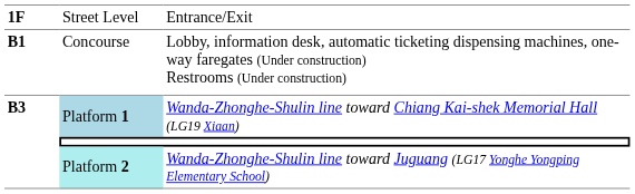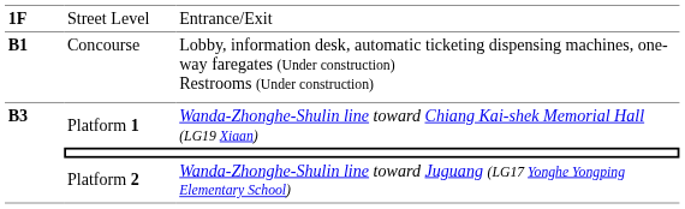 <table table border=0 cellspacing=0 cellpadding=3>
 <tr>
 <td style="border-bottom:solid 1px gray;border-top:solid 1px gray;" width=50 valign=top><strong>1F</strong></td>
 <td style="border-top:solid 1px gray;border-bottom:solid 1px gray;" width=100 valign=top>Street Level</td>
 <td style="border-top:solid 1px gray;border-bottom:solid 1px gray;" width=470 valign=top>Entrance/Exit</td>
 </tr>
 <tr>
 <td style="border-bottom:solid 1px gray;" rowspan=2 valign=top width=50><strong>B1</strong></td>
 <td style="border-bottom:solid 1px gray;" rowspan=2 valign=top width=100>Concourse</td>
 <td width=390>Lobby, information desk, automatic ticketing dispensing machines, one-way faregates <small>(Under construction)</small><br>Restrooms <small>(Under construction)</small></td>
 </tr>
 <tr>
 <td style="border-bottom:solid 1px gray;"></td>
 </tr>
 <tr>
 <td style="border-bottom:solid 1px gray;" rowspan=3 valign=top><strong>B3</strong></td>
-<td style="background: lightblue;">Platform <span><strong>1</strong></span></td>
+<td>Platform <span><strong>1</strong></span></td>
 <td><em> <a href='#'>Wanda-Zhonghe-Shulin line</a> toward <a href='#'>Chiang Kai-shek Memorial Hall</a> <small>(LG19 <a href='#'>Xiaan</a>)</small></em></td>
 </tr>
 <tr>
 <td style="border:solid 2px black;" colspan=2></td>
 </tr>
 <tr>
-<td style="background: paleturquoise; border-bottom:solid 1px gray;">Platform <span><strong>2</strong></span></td>
+<td style="border-bottom:solid 1px gray;">Platform <span><strong>2</strong></span></td>
 <td style="border-bottom:solid 1px gray;"><em> <a href='#'>Wanda-Zhonghe-Shulin line</a> toward <a href='#'>Juguang</a> <small>(LG17 <a href='#'>Yonghe Yongping Elementary School</a>)</small></em></td>
 </tr>
 </table>
